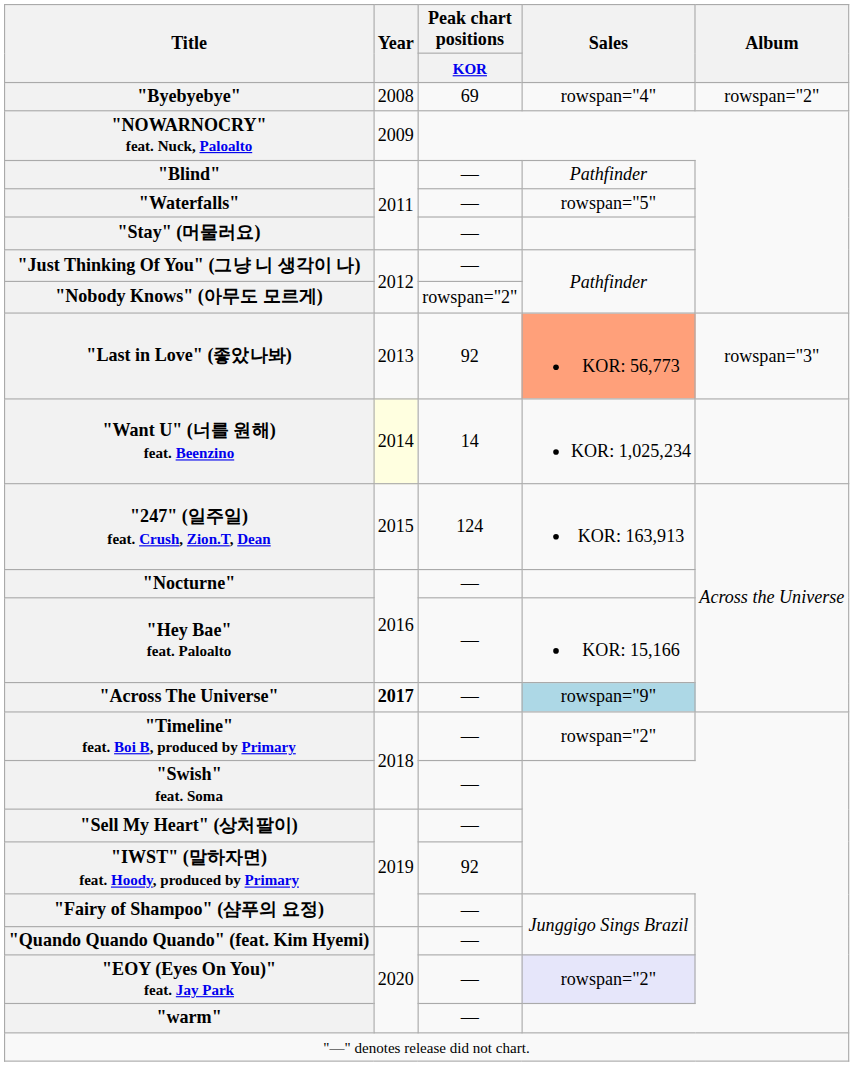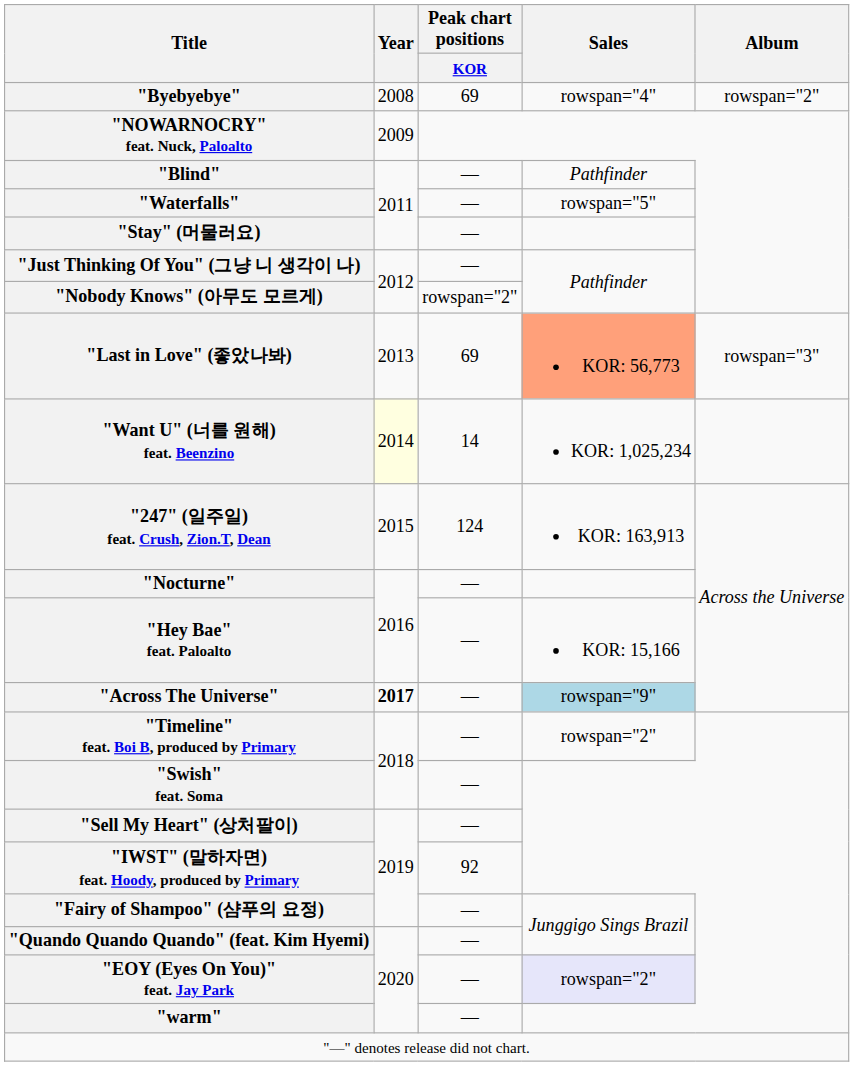 <table class="wikitable plainrowheaders" style="text-align:center;">
 <tr>
 <th scope="col" rowspan="2">Title</th>
 <th scope="col" rowspan="2">Year</th>
 <th scope="col" colspan="1" style="width:5em;">Peak chart positions</th>
 <th scope="col" rowspan="2">Sales</th>
 <th scope="col" rowspan="2">Album</th>
 </tr>
 <tr>
 <th><small><a href='#'>KOR</a></small><br></th>
 </tr>
 <tr>
 <th scope="row">"Byebyebye"</th>
 <td>2008</td>
 <td>69</td>
 <td>rowspan="4" </td>
 <td>rowspan="2" </td>
 </tr>
 <tr>
 <th scope="row">"NOWARNOCRY"<br><small>feat. Nuck, <a href='#'>Paloalto</a></small></th>
 <td>2009</td>
 </tr>
 <tr>
 <th scope="row">"Blind"</th>
 <td rowspan="3">2011</td>
 <td>—</td>
 <td><em>Pathfinder</em></td>
 </tr>
 <tr>
 <th scope="row">"Waterfalls"</th>
 <td>—</td>
 <td>rowspan="5" </td>
 </tr>
 <tr>
 <th scope="row">"Stay" (머물러요)</th>
 <td>—</td>
 <td></td>
 </tr>
 <tr>
 <th scope="row">"Just Thinking Of You" (그냥 니 생각이 나)</th>
 <td rowspan="2">2012</td>
 <td>—</td>
 <td rowspan="2"><em>Pathfinder</em></td>
 </tr>
 <tr>
 <th scope="row">"Nobody Knows" (아무도 모르게)</th>
 <td>rowspan="2" </td>
 </tr>
 <tr>
 <th scope="row">"Last in Love" (좋았나봐)</th>
 <td>2013</td>
-<td>92</td>
+<td>69</td>
 <td style="background: lightsalmon;"><br><ul><li>KOR: 56,773</li></ul></td>
 <td>rowspan="3" </td>
 </tr>
 <tr>
 <th scope="row">"Want U" (너를 원해)<br><small>feat. <a href='#'>Beenzino</a></small></th>
 <td style="background: lightyellow;">2014</td>
 <td>14</td>
 <td><br><ul><li>KOR: 1,025,234</li></ul></td>
 </tr>
 <tr>
 <th scope="row">"247" (일주일)<br><small>feat. <a href='#'>Crush</a>, <a href='#'>Zion.T</a>, <a href='#'>Dean</a></small></th>
 <td>2015</td>
 <td>124</td>
 <td><br><ul><li>KOR: 163,913</li></ul></td>
 <td rowspan="4"><em>Across the Universe</em></td>
 </tr>
 <tr>
 <th scope="row">"Nocturne"</th>
 <td rowspan="2">2016</td>
 <td>—</td>
 <td></td>
 </tr>
 <tr>
 <th scope="row">"Hey Bae"<br><small>feat. Paloalto</small></th>
 <td>—</td>
 <td><br><ul><li>KOR: 15,166</li></ul></td>
 </tr>
 <tr>
 <th scope="row">"Across The Universe"</th>
 <td><strong>2017</strong></td>
 <td>—</td>
 <td style="background: lightblue;">rowspan="9" </td>
 </tr>
 <tr>
 <th scope="row">"Timeline"<br><small>feat. <a href='#'>Boi B</a>, produced by <a href='#'>Primary</a></small></th>
 <td rowspan="2">2018</td>
 <td>—</td>
 <td>rowspan="2" </td>
 </tr>
 <tr>
 <th scope="row">"Swish"<br><small>feat. Soma</small></th>
 <td>—</td>
 </tr>
 <tr>
 <th scope="row">"Sell My Heart" (상처팔이)</th>
 <td rowspan="3">2019</td>
 <td>—</td>
 </tr>
 <tr>
 <th scope="row">"IWST" (말하자면)<br><small>feat. <a href='#'>Hoody</a>, produced by <a href='#'>Primary</a></small></th>
 <td>92</td>
 </tr>
 <tr>
 <th scope="row">"Fairy of Shampoo" (샴푸의 요정)</th>
 <td>—</td>
 <td rowspan="2"><em>Junggigo Sings Brazil</em></td>
 </tr>
 <tr>
 <th scope="row">"Quando Quando Quando" (feat. Kim Hyemi)</th>
 <td rowspan="3">2020</td>
 <td>—</td>
 </tr>
 <tr>
 <th scope="row">"EOY (Eyes On You)"<br><small>feat. <a href='#'>Jay Park</a></small></th>
 <td>—</td>
 <td style="background: lavender;">rowspan="2" </td>
 </tr>
 <tr>
 <th scope="row">"warm"</th>
 <td>—</td>
 </tr>
 <tr>
 <td colspan="5"><small>"—" denotes release did not chart.</small></td>
 </tr>
 </table>
